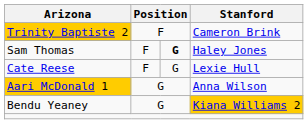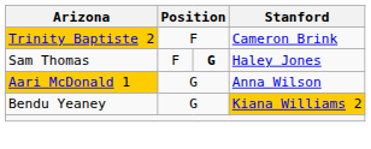 <table class="wikitable">
 <tr>
 <th>Arizona</th>
 <th colspan="2">Position</th>
 <th>Stanford</th>
 </tr>
 <tr>
 <td style="background:#ffcc00"><a href='#'>Trinity Baptiste</a> 2</td>
 <td colspan=2 style="text-align:center">F</td>
 <td><a href='#'>Cameron Brink</a></td>
 </tr>
 <tr>
 <td>Sam Thomas</td>
 <td style="text-align:center">F</td>
 <td style="text-align:center"><strong>G</strong></td>
 <td><a href='#'>Haley Jones</a></td>
 </tr>
 <tr>
-<td><a href='#'>Cate Reese</a></td>
-<td style="text-align:center">F</td>
-<td style="text-align:center">G</td>
-<td><a href='#'>Lexie Hull</a></td>
-</tr>
-<tr>
 <td style="background:#ffcc00"><a href='#'>Aari McDonald</a> 1</td>
 <td colspan=2 style="text-align:center">G</td>
 <td><a href='#'>Anna Wilson</a></td>
 </tr>
 <tr>
 <td>Bendu Yeaney</td>
 <td colspan=2 style="text-align:center">G</td>
 <td style="background:#ffcc00"><a href='#'>Kiana Williams</a> 2</td>
 </tr>
 <tr>
 <td style="text-align:center" colspan=4></td>
 </tr>
 </table>
